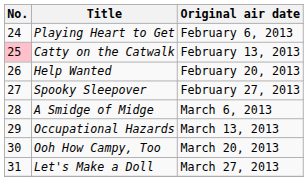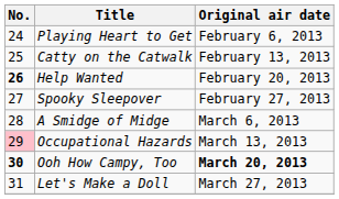 <table class="wikitable">
 <tr>
 <th>No.</th>
 <th>Title</th>
 <th>Original air date</th>
 </tr>
 <tr>
 <td>24</td>
 <td><em>Playing Heart to Get</em></td>
 <td>February 6, 2013</td>
 </tr>
 <tr>
-<td style="background: pink;">25</td>
+<td>25</td>
 <td><em>Catty on the Catwalk</em></td>
 <td>February 13, 2013</td>
 </tr>
 <tr>
-<td>26</td>
+<td><strong>26</strong></td>
 <td><em>Help Wanted</em></td>
 <td>February 20, 2013</td>
 </tr>
 <tr>
 <td>27</td>
 <td><em>Spooky Sleepover</em></td>
 <td>February 27, 2013</td>
 </tr>
 <tr>
 <td>28</td>
 <td><em>A Smidge of Midge</em></td>
 <td>March 6, 2013</td>
 </tr>
 <tr>
-<td>29</td>
+<td style="background: pink;">29</td>
 <td><em>Occupational Hazards</em></td>
 <td>March 13, 2013</td>
 </tr>
 <tr>
-<td>30</td>
+<td><strong>30</strong></td>
 <td><em>Ooh How Campy, Too</em></td>
-<td>March 20, 2013</td>
+<td><strong>March 20, 2013</strong></td>
 </tr>
 <tr>
 <td>31</td>
 <td><em>Let's Make a Doll</em></td>
 <td>March 27, 2013</td>
 </tr>
 <tr>
 </tr>
 </table>
